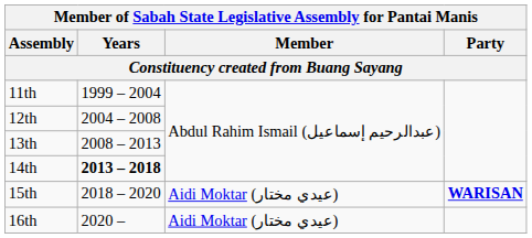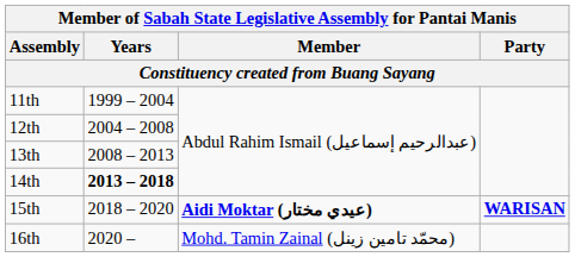 <table class="wikitable">
 <tr>
 <th colspan="4">Member of <a href='#'>Sabah State Legislative Assembly</a> for Pantai Manis</th>
 </tr>
 <tr>
 <th>Assembly</th>
 <th>Years</th>
 <th>Member</th>
 <th>Party</th>
 </tr>
 <tr>
 <th colspan="4" align="center"><em>Constituency created from Buang Sayang</em></th>
 </tr>
 <tr>
 <td>11th</td>
 <td>1999 – 2004</td>
 <td rowspan="4">Abdul Rahim Ismail (عبدالرحيم إسماعيل)</td>
 <td rowspan=4></td>
 </tr>
 <tr>
 <td>12th</td>
 <td>2004 – 2008</td>
 </tr>
 <tr>
 <td>13th</td>
 <td>2008 – 2013</td>
 </tr>
 <tr>
 <td>14th</td>
 <td><strong>2013 – 2018</strong></td>
 </tr>
 <tr>
 <td>15th</td>
 <td>2018 – 2020</td>
-<td><a href='#'>Aidi Moktar</a> (عيدي مختار)</td>
+<td><strong><a href='#'>Aidi Moktar</a> (عيدي مختار)</strong></td>
 <td><strong><a href='#'>WARISAN</a></strong></td>
 </tr>
 <tr>
 <td>16th</td>
 <td>2020 –</td>
-<td><a href='#'>Aidi Moktar</a> (عيدي مختار)</td>
+<td><a href='#'>Mohd. Tamin Zainal</a> (محمّد تامين زينل)</td>
 <td></td>
 </tr>
 </table>
